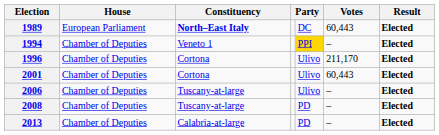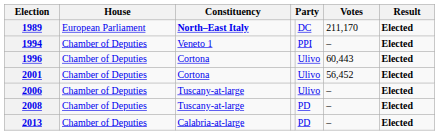 <table class=wikitable style="width:55%; border:1px #AAAAFF solid">
 <tr>
 <th width=12%>Election</th>
 <th width=25%>House</th>
 <th width=25%>Constituency</th>
 <th width=5% colspan="2">Party</th>
 <th width=12%>Votes</th>
 <th width=12%>Result</th>
 </tr>
 <tr>
 <th><a href='#'>1989</a></th>
 <td><a href='#'>European Parliament</a></td>
 <td><strong><a href='#'>North–East Italy</a></strong></td>
 <td></td>
 <td><a href='#'>DC</a></td>
-<td>60,443</td>
+<td>211,170</td>
 <td> <strong>Elected</strong></td>
 </tr>
 <tr>
 <th><a href='#'>1994</a></th>
 <td><a href='#'>Chamber of Deputies</a></td>
 <td><a href='#'>Veneto 1</a></td>
 <td></td>
-<td style="background: gold;"><a href='#'>PPI</a></td>
+<td><a href='#'>PPI</a></td>
 <td>–</td>
 <td> <strong>Elected</strong></td>
 </tr>
 <tr>
 <th><a href='#'>1996</a></th>
 <td><a href='#'>Chamber of Deputies</a></td>
 <td><a href='#'>Cortona</a></td>
 <td></td>
 <td><a href='#'>Ulivo</a></td>
-<td>211,170</td>
+<td>60,443</td>
 <td> <strong>Elected</strong></td>
 </tr>
 <tr>
 <th><a href='#'>2001</a></th>
 <td><a href='#'>Chamber of Deputies</a></td>
 <td><a href='#'>Cortona</a></td>
 <td></td>
 <td><a href='#'>Ulivo</a></td>
-<td>60,443</td>
+<td>56,452</td>
 <td> <strong>Elected</strong></td>
 </tr>
 <tr>
 <th><a href='#'>2006</a></th>
 <td><a href='#'>Chamber of Deputies</a></td>
 <td><a href='#'>Tuscany-at-large</a></td>
 <td></td>
 <td><a href='#'>Ulivo</a></td>
 <td>–</td>
 <td> <strong>Elected</strong></td>
 </tr>
 <tr>
 <th><a href='#'>2008</a></th>
 <td><a href='#'>Chamber of Deputies</a></td>
 <td><a href='#'>Tuscany-at-large</a></td>
 <td></td>
 <td><a href='#'>PD</a></td>
 <td>–</td>
 <td> <strong>Elected</strong></td>
 </tr>
 <tr>
 <th><a href='#'>2013</a></th>
 <td><a href='#'>Chamber of Deputies</a></td>
 <td><a href='#'>Calabria-at-large</a></td>
 <td></td>
 <td><a href='#'>PD</a></td>
 <td>–</td>
 <td> <strong>Elected</strong></td>
 </tr>
 </table>
